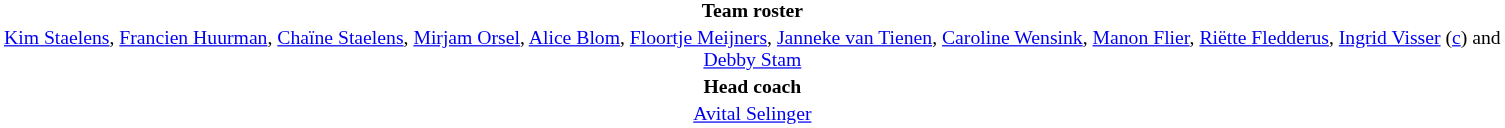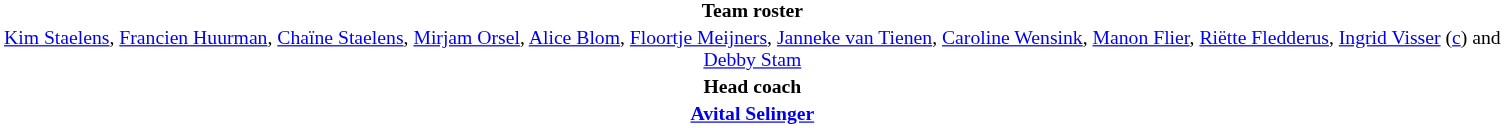 <table style="text-align:center;margin-top:2em;margin-left:auto;margin-right:auto">
 <tr>
 <td><strong>Team roster</strong></td>
 </tr>
 <tr>
 <td><a href='#'>Kim Staelens</a>, <a href='#'>Francien Huurman</a>, <a href='#'>Chaïne Staelens</a>, <a href='#'>Mirjam Orsel</a>, <a href='#'>Alice Blom</a>, <a href='#'>Floortje Meijners</a>, <a href='#'>Janneke van Tienen</a>, <a href='#'>Caroline Wensink</a>, <a href='#'>Manon Flier</a>, <a href='#'>Riëtte Fledderus</a>, <a href='#'>Ingrid Visser</a> (<a href='#'>c</a>) and <a href='#'>Debby Stam</a></td>
 </tr>
 <tr>
 <td><strong>Head coach</strong></td>
 </tr>
 <tr>
-<td><a href='#'>Avital Selinger</a></td>
+<td><strong><a href='#'>Avital Selinger</a></strong></td>
 </tr>
 </table>
